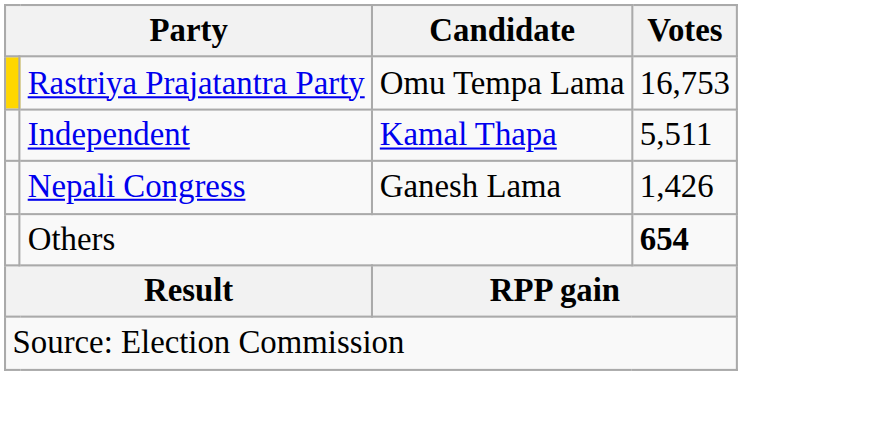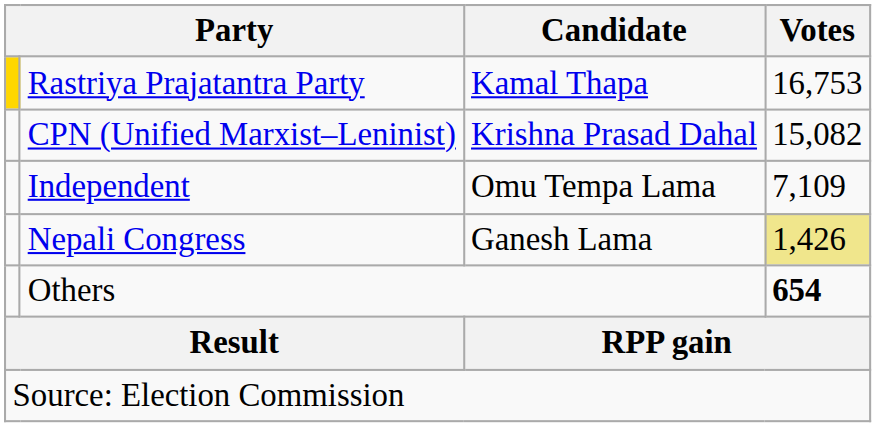 <table class="wikitable">
 <tr>
 <th colspan="2">Party</th>
 <th>Candidate</th>
 <th>Votes</th>
 </tr>
 <tr>
 <td style="background-color:gold"></td>
 <td><a href='#'>Rastriya Prajatantra Party</a></td>
-<td>Omu Tempa Lama</td>
+<td><a href='#'>Kamal Thapa</a></td>
 <td>16,753</td>
 </tr>
 <tr>
 <td style="background-color:"></td>
+<td><a href='#'>CPN (Unified Marxist–Leninist)</a></td>
+<td><a href='#'>Krishna Prasad Dahal</a></td>
+<td>15,082</td>
+</tr>
+<tr>
+<td style="background-color:"></td>
 <td><a href='#'>Independent</a></td>
-<td><a href='#'>Kamal Thapa</a></td>
-<td>5,511</td>
+<td>Omu Tempa Lama</td>
+<td>7,109</td>
 </tr>
 <tr>
 <td style="background-color:"></td>
 <td><a href='#'>Nepali Congress</a></td>
 <td>Ganesh Lama</td>
-<td>1,426</td>
+<td style="background: khaki;">1,426</td>
 </tr>
 <tr>
 <td></td>
 <td colspan="2">Others</td>
 <td><strong>654</strong></td>
 </tr>
 <tr>
 <th colspan="2">Result</th>
 <th colspan="2">RPP gain</th>
 </tr>
 <tr>
 <td colspan="4">Source: Election Commission</td>
 </tr>
 </table>
